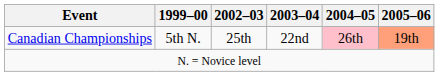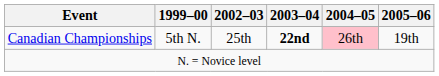 <table class="wikitable" style="text-align:center">
 <tr>
 <th>Event</th>
 <th>1999–00</th>
 <th>2002–03</th>
 <th>2003–04</th>
 <th>2004–05</th>
 <th>2005–06</th>
 </tr>
 <tr>
 <td align=left><a href='#'>Canadian Championships</a></td>
 <td>5th N.</td>
 <td>25th</td>
-<td>22nd</td>
+<td><strong>22nd</strong></td>
 <td style="background: pink;">26th</td>
-<td style="background: lightsalmon;">19th</td>
+<td>19th</td>
 </tr>
 <tr>
 <td colspan=6 align=center><small> N. = Novice level </small></td>
 </tr>
 </table>
